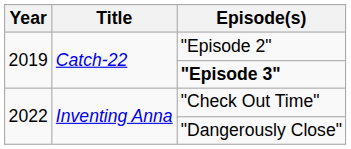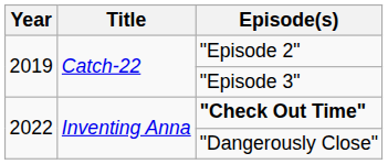 <table class="wikitable">
 <tr>
 <th>Year</th>
 <th>Title</th>
 <th>Episode(s)</th>
 </tr>
 <tr>
 <td rowspan=2>2019</td>
 <td rowspan=2><em><a href='#'>Catch-22</a></em></td>
 <td>"Episode 2"</td>
 </tr>
 <tr>
-<td><strong>"Episode 3"</strong></td>
+<td>"Episode 3"</td>
 </tr>
 <tr>
 <td rowspan=2>2022</td>
 <td rowspan=2><em><a href='#'>Inventing Anna</a></em></td>
-<td>"Check Out Time"</td>
+<td><strong>"Check Out Time"</strong></td>
 </tr>
 <tr>
 <td>"Dangerously Close"</td>
 </tr>
 </table>
